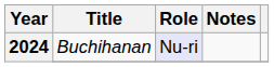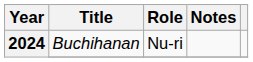 <table class="wikitable sortable plainrowheaders">
 <tr>
 <th scope="col">Year</th>
 <th scope="col">Title</th>
 <th scope="col">Role</th>
 <th scope="col" class="unsortable">Notes</th>
 <th scope="col" class="unsortable"></th>
 </tr>
 <tr>
 <th rowspan="2" scope="row">2024</th>
 <td><em>Buchihanan</em></td>
-<td style="background: lavender;">Nu-ri</td>
+<td>Nu-ri</td>
 <td></td>
 <td style="text-align:center;"></td>
 </tr>
 <tr>
 </tr>
 </table>
